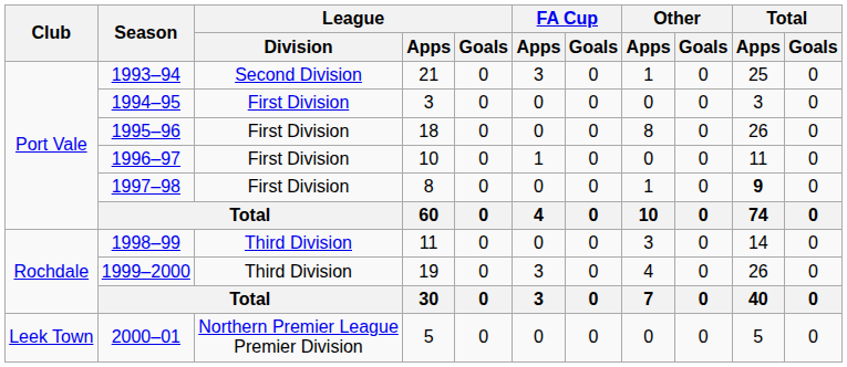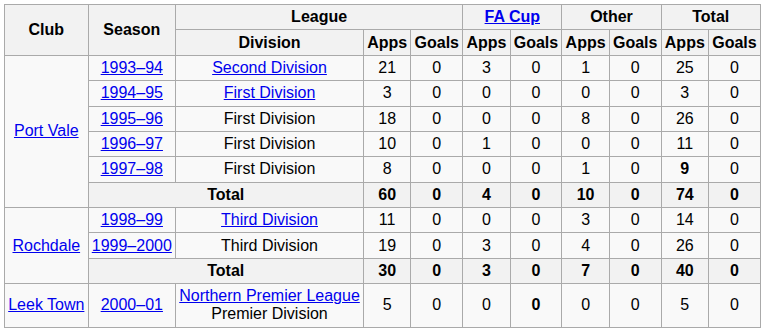 <table class="wikitable" style="text-align:center">
 <tr>
 <th rowspan="2">Club</th>
 <th rowspan="2">Season</th>
 <th colspan="3">League</th>
 <th colspan="2"><a href='#'>FA Cup</a></th>
 <th colspan="2">Other</th>
 <th colspan="2">Total</th>
 </tr>
 <tr>
 <th>Division</th>
 <th>Apps</th>
 <th>Goals</th>
 <th>Apps</th>
 <th>Goals</th>
 <th>Apps</th>
 <th>Goals</th>
 <th>Apps</th>
 <th>Goals</th>
 </tr>
 <tr>
 <td rowspan="6"><a href='#'>Port Vale</a></td>
 <td><a href='#'>1993–94</a></td>
 <td><a href='#'>Second Division</a></td>
 <td>21</td>
 <td>0</td>
 <td>3</td>
 <td>0</td>
 <td>1</td>
 <td>0</td>
 <td>25</td>
 <td>0</td>
 </tr>
 <tr>
 <td><a href='#'>1994–95</a></td>
 <td><a href='#'>First Division</a></td>
 <td>3</td>
 <td>0</td>
 <td>0</td>
 <td>0</td>
 <td>0</td>
 <td>0</td>
 <td>3</td>
 <td>0</td>
 </tr>
 <tr>
 <td><a href='#'>1995–96</a></td>
 <td>First Division</td>
 <td>18</td>
 <td>0</td>
 <td>0</td>
 <td>0</td>
 <td>8</td>
 <td>0</td>
 <td>26</td>
 <td>0</td>
 </tr>
 <tr>
 <td><a href='#'>1996–97</a></td>
 <td>First Division</td>
 <td>10</td>
 <td>0</td>
 <td>1</td>
 <td>0</td>
 <td>0</td>
 <td>0</td>
 <td>11</td>
 <td>0</td>
 </tr>
 <tr>
 <td><a href='#'>1997–98</a></td>
 <td>First Division</td>
 <td>8</td>
 <td>0</td>
 <td>0</td>
 <td>0</td>
 <td>1</td>
 <td>0</td>
 <td><strong>9</strong></td>
 <td>0</td>
 </tr>
 <tr>
 <th colspan="2">Total</th>
 <th>60</th>
 <th>0</th>
 <th>4</th>
 <th>0</th>
 <th>10</th>
 <th>0</th>
 <th>74</th>
 <th>0</th>
 </tr>
 <tr>
 <td rowspan="3"><a href='#'>Rochdale</a></td>
 <td><a href='#'>1998–99</a></td>
 <td><a href='#'>Third Division</a></td>
 <td>11</td>
 <td>0</td>
 <td>0</td>
 <td>0</td>
 <td>3</td>
 <td>0</td>
 <td>14</td>
 <td>0</td>
 </tr>
 <tr>
 <td><a href='#'>1999–2000</a></td>
 <td>Third Division</td>
 <td>19</td>
 <td>0</td>
 <td>3</td>
 <td>0</td>
 <td>4</td>
 <td>0</td>
 <td>26</td>
 <td>0</td>
 </tr>
 <tr>
 <th colspan="2">Total</th>
 <th>30</th>
 <th>0</th>
 <th>3</th>
 <th>0</th>
 <th>7</th>
 <th>0</th>
 <th>40</th>
 <th>0</th>
 </tr>
 <tr>
 <td><a href='#'>Leek Town</a></td>
 <td><a href='#'>2000–01</a></td>
 <td><a href='#'>Northern Premier League</a><br>Premier Division</td>
 <td>5</td>
 <td>0</td>
 <td>0</td>
-<td>0</td>
+<td><strong>0</strong></td>
 <td>0</td>
 <td>0</td>
 <td>5</td>
 <td>0</td>
 </tr>
 </table>
